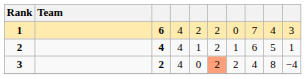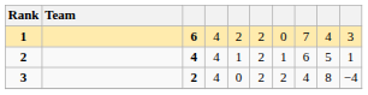 <table class="wikitable" style="text-align:center">
 <tr>
 <th width=30>Rank</th>
 <th width=165 style="text-align:left">Team</th>
 <th width=20></th>
 <th width=20></th>
 <th width=20></th>
 <th width=20></th>
 <th width=20></th>
 <th width=20></th>
 <th width=20></th>
 <th width=20></th>
 </tr>
 <tr bgcolor="#ffebad">
 <td><strong>1</strong></td>
 <td align="left"></td>
 <td><strong>6</strong></td>
 <td>4</td>
 <td>2</td>
 <td>2</td>
 <td>0</td>
 <td>7</td>
 <td>4</td>
 <td>3</td>
 </tr>
 <tr>
 <td><strong>2</strong></td>
 <td align="left"></td>
 <td><strong>4</strong></td>
 <td>4</td>
 <td>1</td>
 <td>2</td>
 <td>1</td>
 <td>6</td>
 <td>5</td>
 <td>1</td>
 </tr>
 <tr>
 <td><strong>3</strong></td>
 <td align="left"></td>
 <td><strong>2</strong></td>
 <td>4</td>
 <td>0</td>
-<td style="background: lightsalmon;">2</td>
+<td>2</td>
 <td>2</td>
 <td>4</td>
 <td>8</td>
 <td>−4</td>
 </tr>
 <tr>
 </tr>
 </table>
